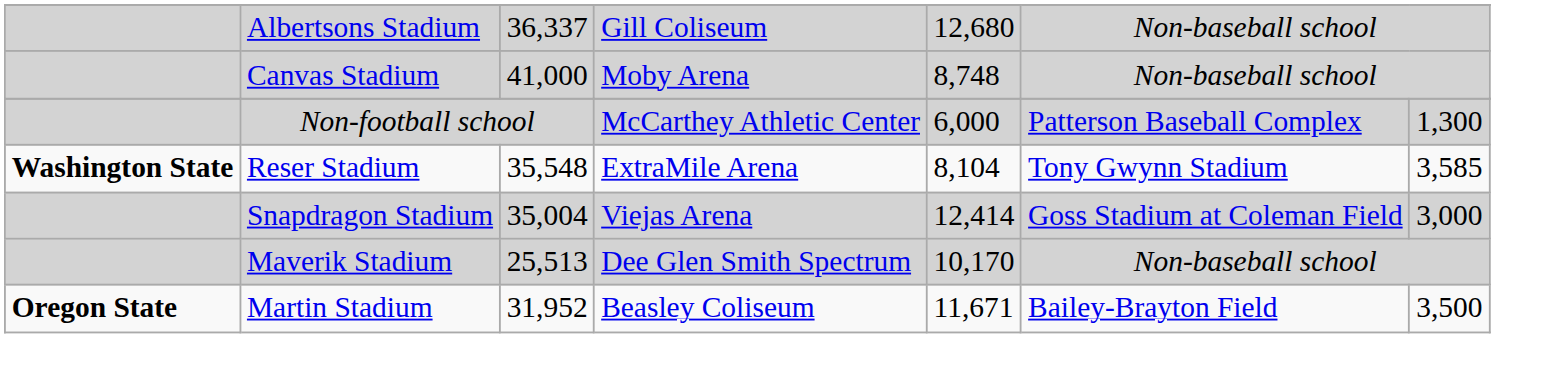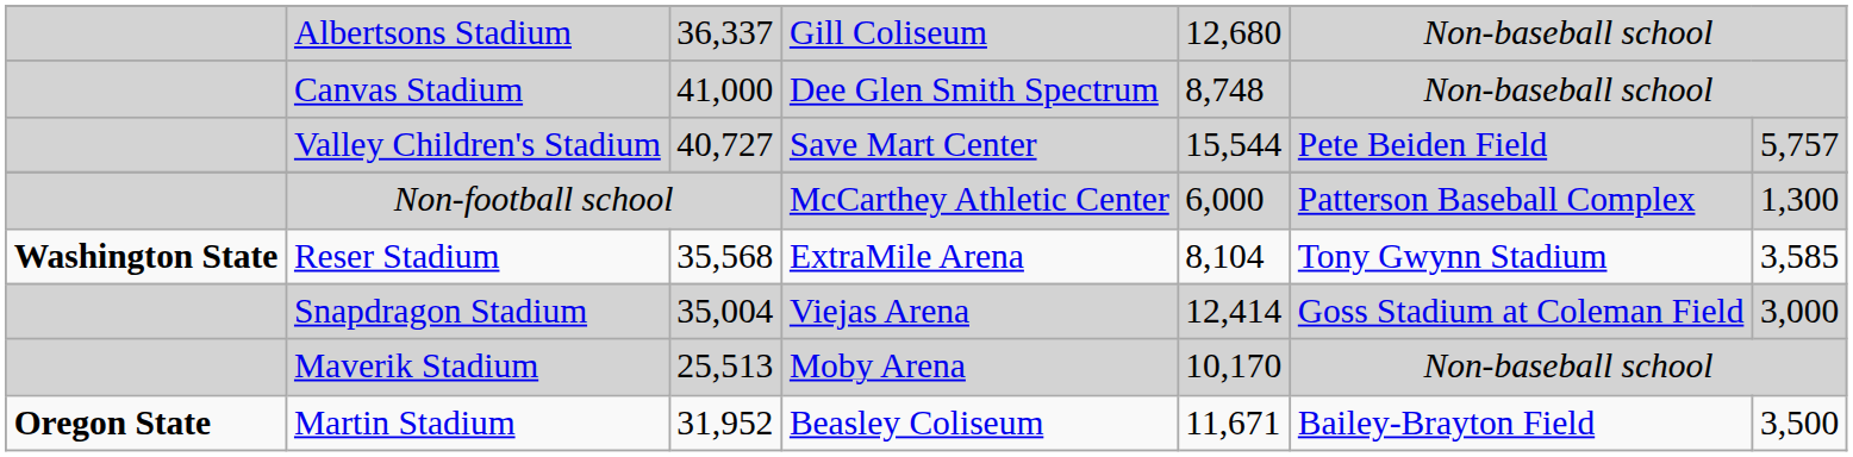 <table class="wikitable sortable">
 <tr>
 </tr>
 <tr bgcolor=lightgray>
 <td><a href='#'></a></td>
 <td><a href='#'>Albertsons Stadium</a></td>
 <td>36,337</td>
 <td><a href='#'>Gill Coliseum</a></td>
 <td>12,680</td>
 <td colspan=2 align=center><em>Non-baseball school</em></td>
 </tr>
 <tr bgcolor=lightgray>
 <td><a href='#'></a></td>
 <td><a href='#'>Canvas Stadium</a></td>
 <td>41,000</td>
-<td><a href='#'>Moby Arena</a></td>
+<td><a href='#'>Dee Glen Smith Spectrum</a></td>
 <td>8,748</td>
 <td colspan=2 align=center><em>Non-baseball school</em></td>
+</tr>
+<tr bgcolor=lightgray>
+<td><a href='#'></a></td>
+<td><a href='#'>Valley Children's Stadium</a></td>
+<td>40,727</td>
+<td><a href='#'>Save Mart Center</a></td>
+<td>15,544</td>
+<td><a href='#'>Pete Beiden Field</a></td>
+<td>5,757</td>
 </tr>
 <tr>
 </tr>
 <tr bgcolor=lightgray>
 <td><a href='#'></a></td>
 <td colspan=2 align=center><em>Non-football school</em></td>
 <td><a href='#'>McCarthey Athletic Center</a></td>
 <td>6,000</td>
 <td><a href='#'>Patterson Baseball Complex</a></td>
 <td>1,300</td>
 </tr>
 <tr>
 <td><strong>Washington State</strong></td>
 <td><a href='#'>Reser Stadium</a></td>
-<td>35,548</td>
+<td>35,568</td>
 <td><a href='#'>ExtraMile Arena</a></td>
 <td>8,104</td>
 <td><a href='#'>Tony Gwynn Stadium</a></td>
 <td>3,585</td>
 </tr>
 <tr bgcolor=lightgray>
 <td><a href='#'></a></td>
 <td><a href='#'>Snapdragon Stadium</a></td>
 <td>35,004</td>
 <td><a href='#'>Viejas Arena</a></td>
 <td>12,414</td>
 <td><a href='#'>Goss Stadium at Coleman Field</a></td>
 <td>3,000</td>
 </tr>
 <tr bgcolor=lightgray>
 <td><a href='#'></a></td>
 <td><a href='#'>Maverik Stadium</a></td>
 <td>25,513</td>
-<td><a href='#'>Dee Glen Smith Spectrum</a></td>
+<td><a href='#'>Moby Arena</a></td>
 <td>10,170</td>
 <td colspan=2 align=center><em>Non-baseball school</em></td>
 </tr>
 <tr>
 <td><strong>Oregon State</strong></td>
 <td><a href='#'>Martin Stadium</a></td>
 <td>31,952</td>
 <td><a href='#'>Beasley Coliseum</a></td>
 <td>11,671</td>
 <td><a href='#'>Bailey-Brayton Field</a></td>
 <td>3,500</td>
 </tr>
 </table>
